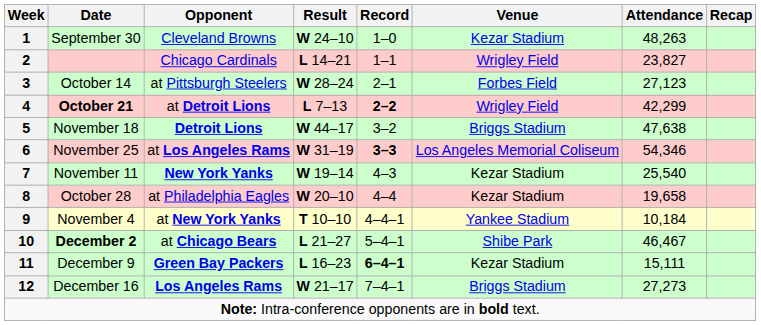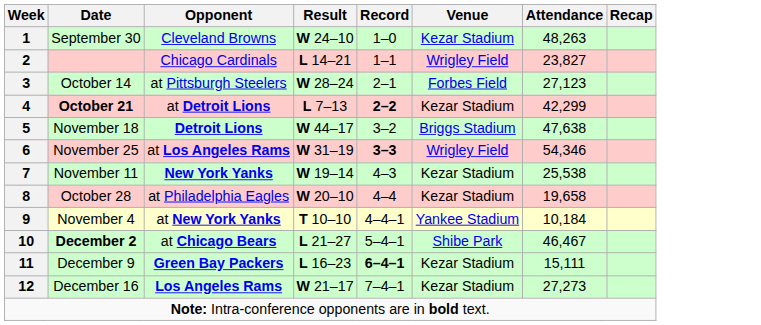 <table class="wikitable" style="text-align:center">
 <tr>
 <th>Week</th>
 <th>Date</th>
 <th>Opponent</th>
 <th>Result</th>
 <th>Record</th>
 <th>Venue</th>
 <th>Attendance</th>
 <th>Recap</th>
 </tr>
 <tr style="background:#cfc">
 <th>1</th>
 <td>September 30</td>
 <td><a href='#'>Cleveland Browns</a></td>
 <td><strong>W</strong> 24–10</td>
 <td>1–0</td>
 <td><a href='#'>Kezar Stadium</a></td>
 <td>48,263</td>
 <td></td>
 </tr>
 <tr style="background:#fcc">
 <th>2</th>
 <td></td>
 <td><a href='#'>Chicago Cardinals</a></td>
 <td><strong>L</strong> 14–21</td>
 <td>1–1</td>
 <td><a href='#'>Wrigley Field</a></td>
 <td>23,827</td>
 <td></td>
 </tr>
 <tr style="background:#cfc">
 <th>3</th>
 <td>October 14</td>
 <td>at <a href='#'>Pittsburgh Steelers</a></td>
 <td><strong>W</strong> 28–24</td>
 <td>2–1</td>
 <td><a href='#'>Forbes Field</a></td>
 <td>27,123</td>
 <td></td>
 </tr>
 <tr style="background:#fcc">
 <th>4</th>
 <td><strong>October 21</strong></td>
 <td>at  <strong><a href='#'>Detroit Lions</a></strong></td>
 <td><strong>L</strong> 7–13</td>
 <td><strong>2–2</strong></td>
-<td><a href='#'>Wrigley Field</a></td>
+<td>Kezar Stadium</td>
 <td>42,299</td>
 <td></td>
 </tr>
 <tr style="background:#cfc">
 <th>5</th>
 <td>November 18</td>
 <td><strong><a href='#'>Detroit Lions</a></strong></td>
 <td><strong>W</strong> 44–17</td>
 <td>3–2</td>
 <td><a href='#'>Briggs Stadium</a></td>
 <td>47,638</td>
 <td></td>
 </tr>
 <tr style="background:#fcc">
 <th>6</th>
 <td>November 25</td>
 <td>at <strong><a href='#'>Los Angeles Rams</a></strong></td>
 <td><strong>W</strong> 31–19</td>
 <td><strong>3–3</strong></td>
-<td><a href='#'>Los Angeles Memorial Coliseum</a></td>
+<td><a href='#'>Wrigley Field</a></td>
 <td>54,346</td>
 <td></td>
 </tr>
 <tr style="background:#cfc">
 <th>7</th>
 <td>November 11</td>
 <td><strong><a href='#'>New York Yanks</a></strong></td>
 <td><strong>W</strong> 19–14</td>
 <td>4–3</td>
 <td>Kezar Stadium</td>
-<td>25,540</td>
+<td>25,538</td>
 <td></td>
 </tr>
 <tr style="background:#fcc">
 <th>8</th>
 <td>October 28</td>
 <td>at <a href='#'>Philadelphia Eagles</a></td>
 <td><strong>W</strong> 20–10</td>
 <td>4–4</td>
 <td>Kezar Stadium</td>
 <td>19,658</td>
 <td></td>
 </tr>
 <tr style="background:#ffc">
 <th>9</th>
 <td>November 4</td>
 <td>at <strong><a href='#'>New York Yanks</a></strong></td>
 <td><strong>T</strong> 10–10</td>
 <td>4–4–1</td>
 <td><a href='#'>Yankee Stadium</a></td>
 <td>10,184</td>
 <td></td>
 </tr>
 <tr style="background:#cfc">
 <th>10</th>
 <td><strong>December 2</strong></td>
 <td>at <strong><a href='#'>Chicago Bears</a></strong></td>
 <td><strong>L</strong> 21–27</td>
 <td>5–4–1</td>
 <td><a href='#'>Shibe Park</a></td>
 <td>46,467</td>
 <td></td>
 </tr>
 <tr style="background:#cfc">
 <th>11</th>
 <td>December 9</td>
 <td><strong><a href='#'>Green Bay Packers</a></strong></td>
 <td><strong>L</strong> 16–23</td>
 <td><strong>6–4–1</strong></td>
 <td>Kezar Stadium</td>
 <td>15,111</td>
 <td></td>
 </tr>
 <tr style="background:#cfc">
 <th>12</th>
 <td>December 16</td>
 <td><strong><a href='#'>Los Angeles Rams</a></strong></td>
 <td><strong>W</strong> 21–17</td>
 <td>7–4–1</td>
-<td><a href='#'>Briggs Stadium</a></td>
+<td>Kezar Stadium</td>
 <td>27,273</td>
 <td></td>
 </tr>
 <tr>
 <td colspan="8"><strong>Note:</strong> Intra-conference opponents are in <strong>bold</strong> text.</td>
 </tr>
 </table>
